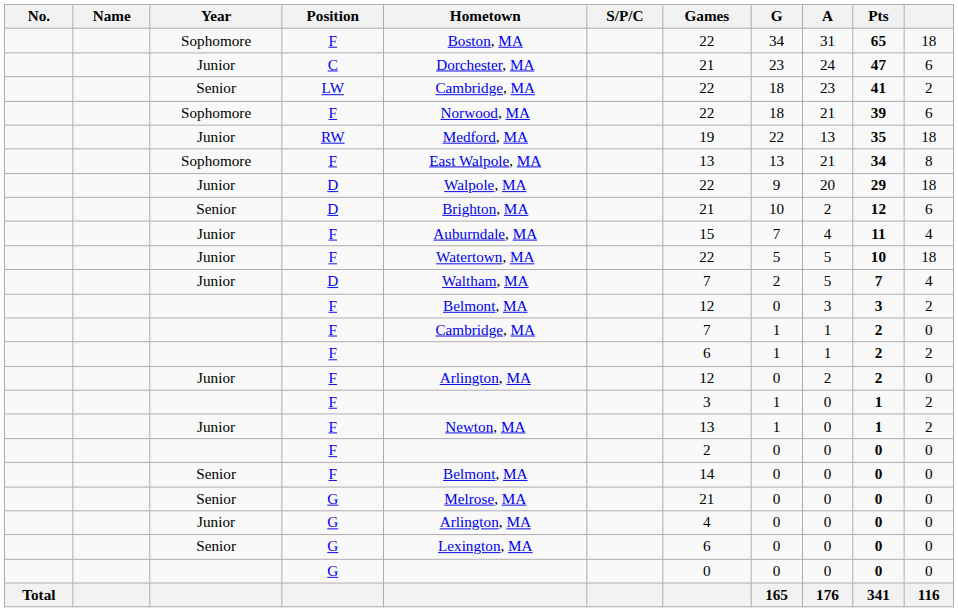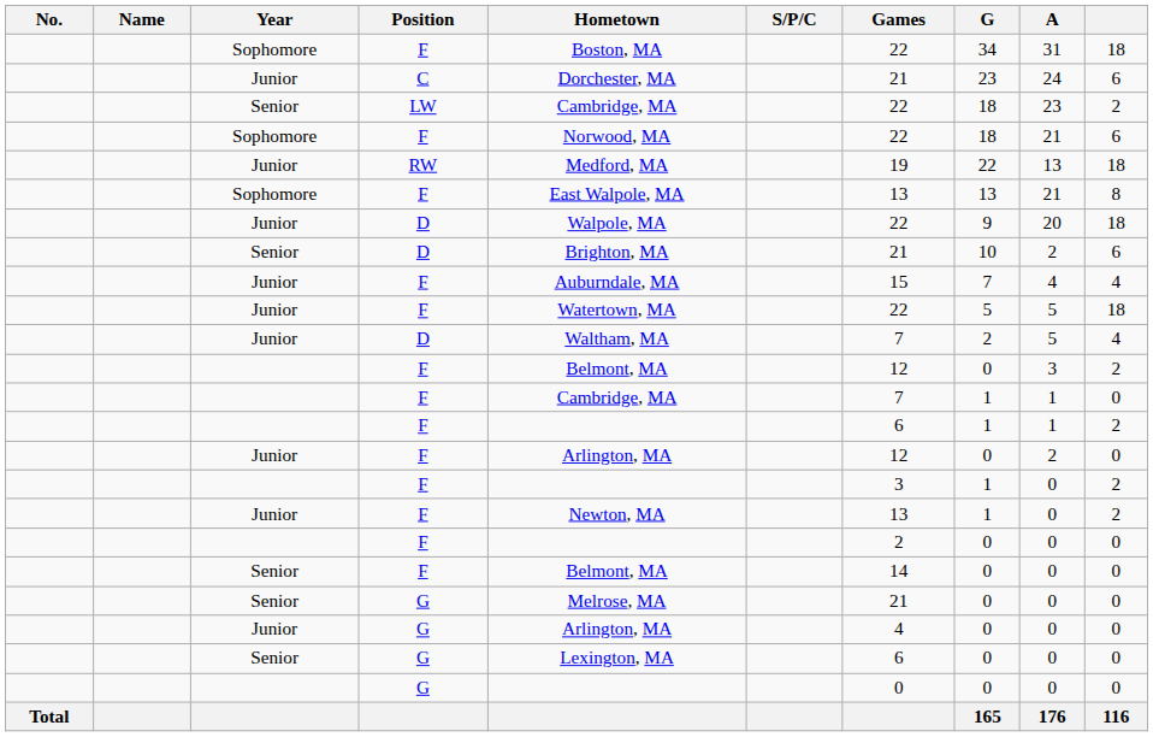 <table class="wikitable sortable" width ="1000">
 <tr align="center"  style=>
 <th>No.</th>
 <th>Name</th>
 <th>Year</th>
 <th>Position</th>
 <th>Hometown</th>
 <th>S/P/C</th>
 <th>Games</th>
 <th>G</th>
 <th>A</th>
-<th>Pts</th>
 <th><a href='#'></a></th>
 </tr>
 <tr align="center" bgcolor="">
 <td></td>
 <td></td>
 <td>Sophomore</td>
 <td><a href='#'>F</a></td>
 <td><a href='#'>Boston</a>, <a href='#'>MA</a></td>
 <td></td>
 <td>22</td>
 <td>34</td>
 <td>31</td>
-<td><strong>65</strong></td>
 <td>18</td>
 </tr>
 <tr align="center" bgcolor="">
 <td></td>
 <td></td>
 <td>Junior</td>
 <td><a href='#'>C</a></td>
 <td><a href='#'>Dorchester</a>, <a href='#'>MA</a></td>
 <td></td>
 <td>21</td>
 <td>23</td>
 <td>24</td>
-<td><strong>47</strong></td>
 <td>6</td>
 </tr>
 <tr align="center" bgcolor="">
 <td></td>
 <td></td>
 <td>Senior</td>
 <td><a href='#'>LW</a></td>
 <td><a href='#'>Cambridge</a>, <a href='#'>MA</a></td>
 <td></td>
 <td>22</td>
 <td>18</td>
 <td>23</td>
-<td><strong>41</strong></td>
 <td>2</td>
 </tr>
 <tr align="center" bgcolor="">
 <td></td>
 <td></td>
 <td>Sophomore</td>
 <td><a href='#'>F</a></td>
 <td><a href='#'>Norwood</a>, <a href='#'>MA</a></td>
 <td></td>
 <td>22</td>
 <td>18</td>
 <td>21</td>
-<td><strong>39</strong></td>
 <td>6</td>
 </tr>
 <tr align="center" bgcolor="">
 <td></td>
 <td></td>
 <td>Junior</td>
 <td><a href='#'>RW</a></td>
 <td><a href='#'>Medford</a>, <a href='#'>MA</a></td>
 <td></td>
 <td>19</td>
 <td>22</td>
 <td>13</td>
-<td><strong>35</strong></td>
 <td>18</td>
 </tr>
 <tr align="center" bgcolor="">
 <td></td>
 <td></td>
 <td>Sophomore</td>
 <td><a href='#'>F</a></td>
 <td><a href='#'>East Walpole</a>, <a href='#'>MA</a></td>
 <td></td>
 <td>13</td>
 <td>13</td>
 <td>21</td>
-<td><strong>34</strong></td>
 <td>8</td>
 </tr>
 <tr align="center" bgcolor="">
 <td></td>
 <td></td>
 <td>Junior</td>
 <td><a href='#'>D</a></td>
 <td><a href='#'>Walpole</a>, <a href='#'>MA</a></td>
 <td></td>
 <td>22</td>
 <td>9</td>
 <td>20</td>
-<td><strong>29</strong></td>
 <td>18</td>
 </tr>
 <tr align="center" bgcolor="">
 <td></td>
 <td></td>
 <td>Senior</td>
 <td><a href='#'>D</a></td>
 <td><a href='#'>Brighton</a>, <a href='#'>MA</a></td>
 <td></td>
 <td>21</td>
 <td>10</td>
 <td>2</td>
-<td><strong>12</strong></td>
 <td>6</td>
 </tr>
 <tr align="center" bgcolor="">
 <td></td>
 <td></td>
 <td>Junior</td>
 <td><a href='#'>F</a></td>
 <td><a href='#'>Auburndale</a>, <a href='#'>MA</a></td>
 <td></td>
 <td>15</td>
 <td>7</td>
 <td>4</td>
-<td><strong>11</strong></td>
 <td>4</td>
 </tr>
 <tr align="center" bgcolor="">
 <td></td>
 <td></td>
 <td>Junior</td>
 <td><a href='#'>F</a></td>
 <td><a href='#'>Watertown</a>, <a href='#'>MA</a></td>
 <td></td>
 <td>22</td>
 <td>5</td>
 <td>5</td>
-<td><strong>10</strong></td>
 <td>18</td>
 </tr>
 <tr align="center" bgcolor="">
 <td></td>
 <td></td>
 <td>Junior</td>
 <td><a href='#'>D</a></td>
 <td><a href='#'>Waltham</a>, <a href='#'>MA</a></td>
 <td></td>
 <td>7</td>
 <td>2</td>
 <td>5</td>
-<td><strong>7</strong></td>
 <td>4</td>
 </tr>
 <tr align="center" bgcolor="">
 <td></td>
 <td></td>
 <td></td>
 <td><a href='#'>F</a></td>
 <td><a href='#'>Belmont</a>, <a href='#'>MA</a></td>
 <td></td>
 <td>12</td>
 <td>0</td>
 <td>3</td>
-<td><strong>3</strong></td>
 <td>2</td>
 </tr>
 <tr align="center" bgcolor="">
 <td></td>
 <td></td>
 <td></td>
 <td><a href='#'>F</a></td>
 <td><a href='#'>Cambridge</a>, <a href='#'>MA</a></td>
 <td></td>
 <td>7</td>
 <td>1</td>
 <td>1</td>
-<td><strong>2</strong></td>
 <td>0</td>
 </tr>
 <tr align="center" bgcolor="">
 <td></td>
 <td></td>
 <td></td>
 <td><a href='#'>F</a></td>
 <td></td>
 <td></td>
 <td>6</td>
 <td>1</td>
 <td>1</td>
-<td><strong>2</strong></td>
 <td>2</td>
 </tr>
 <tr align="center" bgcolor="">
 <td></td>
 <td></td>
 <td>Junior</td>
 <td><a href='#'>F</a></td>
 <td><a href='#'>Arlington</a>, <a href='#'>MA</a></td>
 <td></td>
 <td>12</td>
 <td>0</td>
 <td>2</td>
-<td><strong>2</strong></td>
 <td>0</td>
 </tr>
 <tr align="center" bgcolor="">
 <td></td>
 <td></td>
 <td></td>
 <td><a href='#'>F</a></td>
 <td></td>
 <td></td>
 <td>3</td>
 <td>1</td>
 <td>0</td>
-<td><strong>1</strong></td>
 <td>2</td>
 </tr>
 <tr align="center" bgcolor="">
 <td></td>
 <td></td>
 <td>Junior</td>
 <td><a href='#'>F</a></td>
 <td><a href='#'>Newton</a>, <a href='#'>MA</a></td>
 <td></td>
 <td>13</td>
 <td>1</td>
 <td>0</td>
-<td><strong>1</strong></td>
 <td>2</td>
 </tr>
 <tr align="center" bgcolor="">
 <td></td>
 <td></td>
 <td></td>
 <td><a href='#'>F</a></td>
 <td></td>
 <td></td>
 <td>2</td>
 <td>0</td>
 <td>0</td>
-<td><strong>0</strong></td>
 <td>0</td>
 </tr>
 <tr align="center" bgcolor="">
 <td></td>
 <td></td>
 <td>Senior</td>
 <td><a href='#'>F</a></td>
 <td><a href='#'>Belmont</a>, <a href='#'>MA</a></td>
 <td></td>
 <td>14</td>
 <td>0</td>
 <td>0</td>
-<td><strong>0</strong></td>
 <td>0</td>
 </tr>
 <tr align="center" bgcolor="">
 <td></td>
 <td></td>
 <td>Senior</td>
 <td><a href='#'>G</a></td>
 <td><a href='#'>Melrose</a>, <a href='#'>MA</a></td>
 <td></td>
 <td>21</td>
 <td>0</td>
 <td>0</td>
-<td><strong>0</strong></td>
 <td>0</td>
 </tr>
 <tr align="center" bgcolor="">
 <td></td>
 <td></td>
 <td>Junior</td>
 <td><a href='#'>G</a></td>
 <td><a href='#'>Arlington</a>, <a href='#'>MA</a></td>
 <td></td>
 <td>4</td>
 <td>0</td>
 <td>0</td>
-<td><strong>0</strong></td>
 <td>0</td>
 </tr>
 <tr align="center" bgcolor="">
 <td></td>
 <td></td>
 <td>Senior</td>
 <td><a href='#'>G</a></td>
 <td><a href='#'>Lexington</a>, <a href='#'>MA</a></td>
 <td></td>
 <td>6</td>
 <td>0</td>
 <td>0</td>
-<td><strong>0</strong></td>
 <td>0</td>
 </tr>
 <tr align="center" bgcolor="">
 <td></td>
 <td></td>
 <td></td>
 <td><a href='#'>G</a></td>
 <td></td>
 <td></td>
 <td>0</td>
 <td>0</td>
 <td>0</td>
-<td><strong>0</strong></td>
 <td>0</td>
 </tr>
 <tr>
 <th>Total</th>
 <th></th>
 <th></th>
 <th></th>
 <th></th>
 <th></th>
 <th></th>
 <th>165</th>
 <th>176</th>
-<th>341</th>
 <th>116</th>
 </tr>
 </table>
